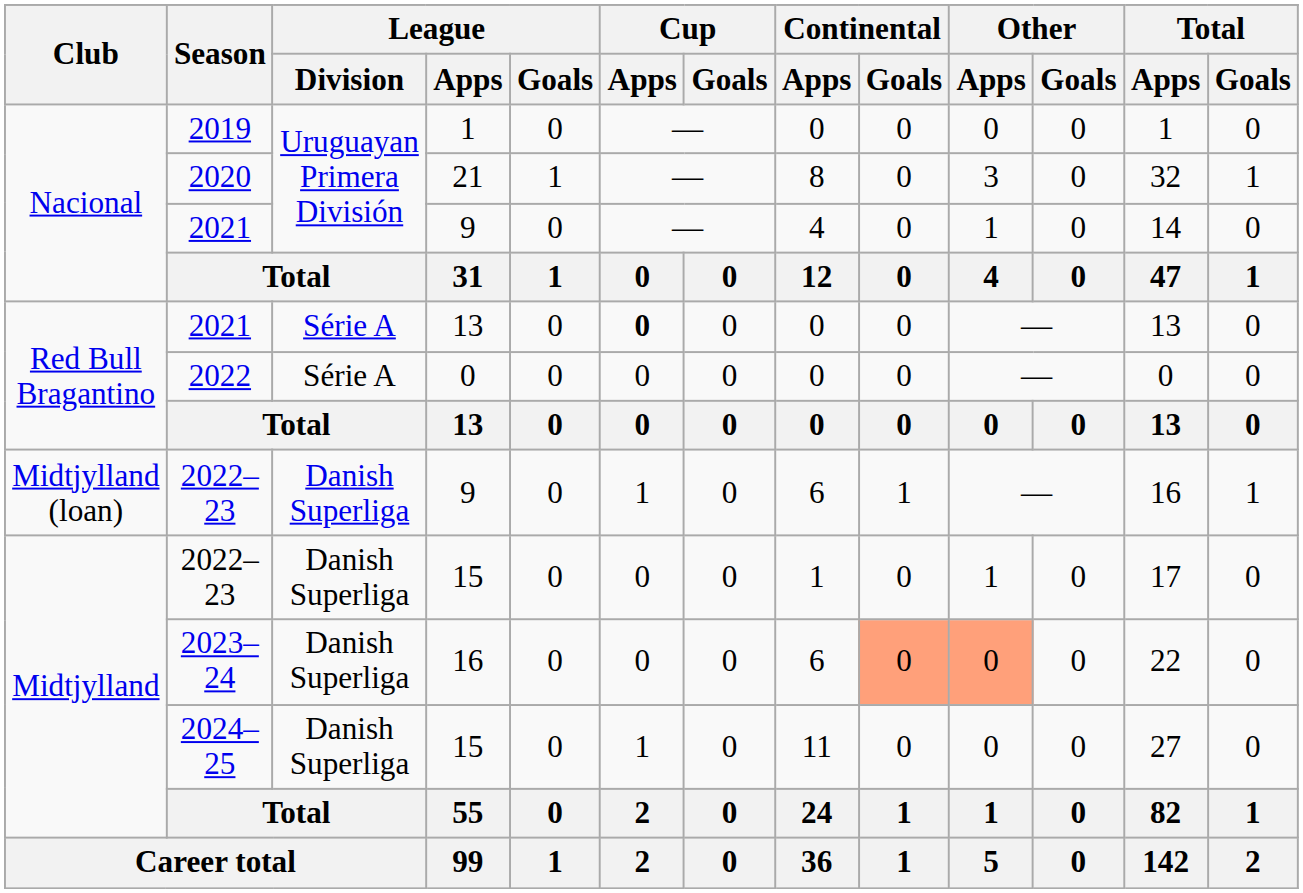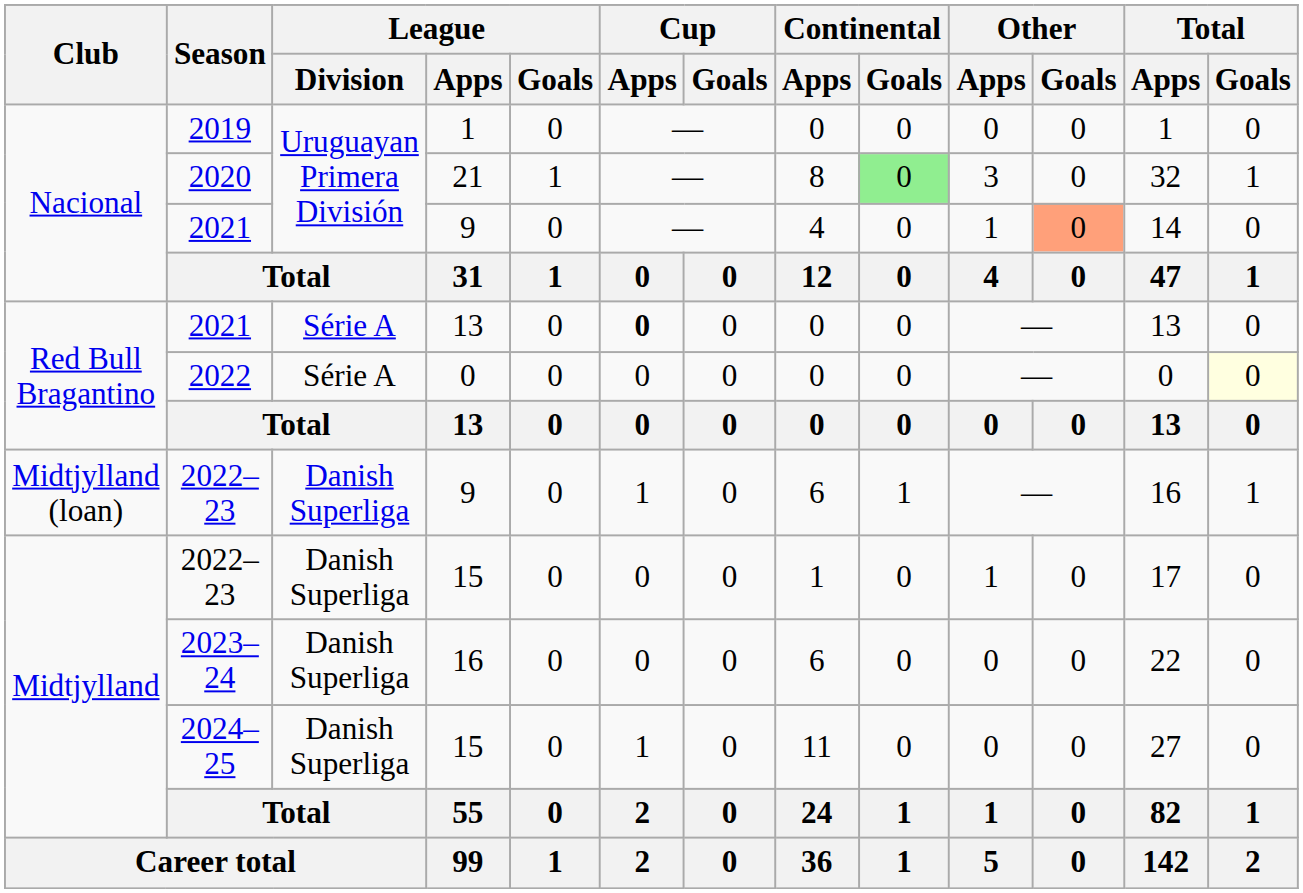 <table class="wikitable" Style="text-align: center">
 <tr>
 <th rowspan="2">Club</th>
 <th rowspan="2">Season</th>
 <th colspan="3">League</th>
 <th colspan="2">Cup</th>
 <th colspan="2">Continental</th>
 <th colspan="2">Other</th>
 <th colspan="2">Total</th>
 </tr>
 <tr>
 <th>Division</th>
 <th>Apps</th>
 <th>Goals</th>
 <th>Apps</th>
 <th>Goals</th>
 <th>Apps</th>
 <th>Goals</th>
 <th>Apps</th>
 <th>Goals</th>
 <th>Apps</th>
 <th>Goals</th>
 </tr>
 <tr>
 <td rowspan="4"><a href='#'>Nacional</a></td>
 <td><a href='#'>2019</a></td>
 <td rowspan="3"><a href='#'>Uruguayan Primera División</a></td>
 <td>1</td>
 <td>0</td>
 <td colspan="2">—</td>
 <td>0</td>
 <td>0</td>
 <td>0</td>
 <td>0</td>
 <td>1</td>
 <td>0</td>
 </tr>
 <tr>
 <td><a href='#'>2020</a></td>
 <td>21</td>
 <td>1</td>
 <td colspan="2">—</td>
 <td>8</td>
-<td>0</td>
+<td style="background: lightgreen;">0</td>
 <td>3</td>
 <td>0</td>
 <td>32</td>
 <td>1</td>
 </tr>
 <tr>
 <td><a href='#'>2021</a></td>
 <td>9</td>
 <td>0</td>
 <td colspan="2">—</td>
 <td>4</td>
 <td>0</td>
 <td>1</td>
-<td>0</td>
+<td style="background: lightsalmon;">0</td>
 <td>14</td>
 <td>0</td>
 </tr>
 <tr>
 <th colspan="2">Total</th>
 <th>31</th>
 <th>1</th>
 <th>0</th>
 <th>0</th>
 <th>12</th>
 <th>0</th>
 <th>4</th>
 <th>0</th>
 <th>47</th>
 <th>1</th>
 </tr>
 <tr>
 <td rowspan="3"><a href='#'>Red Bull Bragantino</a></td>
 <td><a href='#'>2021</a></td>
 <td><a href='#'>Série A</a></td>
 <td>13</td>
 <td>0</td>
 <td><strong>0</strong></td>
 <td>0</td>
 <td>0</td>
 <td>0</td>
 <td colspan="2">—</td>
 <td>13</td>
 <td>0</td>
 </tr>
 <tr>
 <td><a href='#'>2022</a></td>
 <td>Série A</td>
 <td>0</td>
 <td>0</td>
 <td>0</td>
 <td>0</td>
 <td>0</td>
 <td>0</td>
 <td colspan="2">—</td>
 <td>0</td>
-<td>0</td>
+<td style="background: lightyellow;">0</td>
 </tr>
 <tr>
 <th colspan="2">Total</th>
 <th>13</th>
 <th>0</th>
 <th>0</th>
 <th>0</th>
 <th>0</th>
 <th>0</th>
 <th>0</th>
 <th>0</th>
 <th>13</th>
 <th>0</th>
 </tr>
 <tr>
 <td><a href='#'>Midtjylland</a> (loan)</td>
 <td><a href='#'>2022–23</a></td>
 <td><a href='#'>Danish Superliga</a></td>
 <td>9</td>
 <td>0</td>
 <td>1</td>
 <td>0</td>
 <td>6</td>
 <td>1</td>
 <td colspan="2">—</td>
 <td>16</td>
 <td>1</td>
 </tr>
 <tr>
 <td rowspan="4"><a href='#'>Midtjylland</a></td>
 <td>2022–23</td>
 <td>Danish Superliga</td>
 <td>15</td>
 <td>0</td>
 <td>0</td>
 <td>0</td>
 <td>1</td>
 <td>0</td>
 <td>1</td>
 <td>0</td>
 <td>17</td>
 <td>0</td>
 </tr>
 <tr>
 <td><a href='#'>2023–24</a></td>
 <td>Danish Superliga</td>
 <td>16</td>
 <td>0</td>
 <td>0</td>
 <td>0</td>
 <td>6</td>
-<td style="background: lightsalmon;">0</td>
-<td style="background: lightsalmon;">0</td>
+<td>0</td>
+<td>0</td>
 <td>0</td>
 <td>22</td>
 <td>0</td>
 </tr>
 <tr>
 <td><a href='#'>2024–25</a></td>
 <td>Danish Superliga</td>
 <td>15</td>
 <td>0</td>
 <td>1</td>
 <td>0</td>
 <td>11</td>
 <td>0</td>
 <td>0</td>
 <td>0</td>
 <td>27</td>
 <td>0</td>
 </tr>
 <tr>
 <th colspan="2">Total</th>
 <th>55</th>
 <th>0</th>
 <th>2</th>
 <th>0</th>
 <th>24</th>
 <th>1</th>
 <th>1</th>
 <th>0</th>
 <th>82</th>
 <th>1</th>
 </tr>
 <tr>
 <th colspan="3">Career total</th>
 <th>99</th>
 <th>1</th>
 <th>2</th>
 <th>0</th>
 <th>36</th>
 <th>1</th>
 <th>5</th>
 <th>0</th>
 <th>142</th>
 <th>2</th>
 </tr>
 </table>
